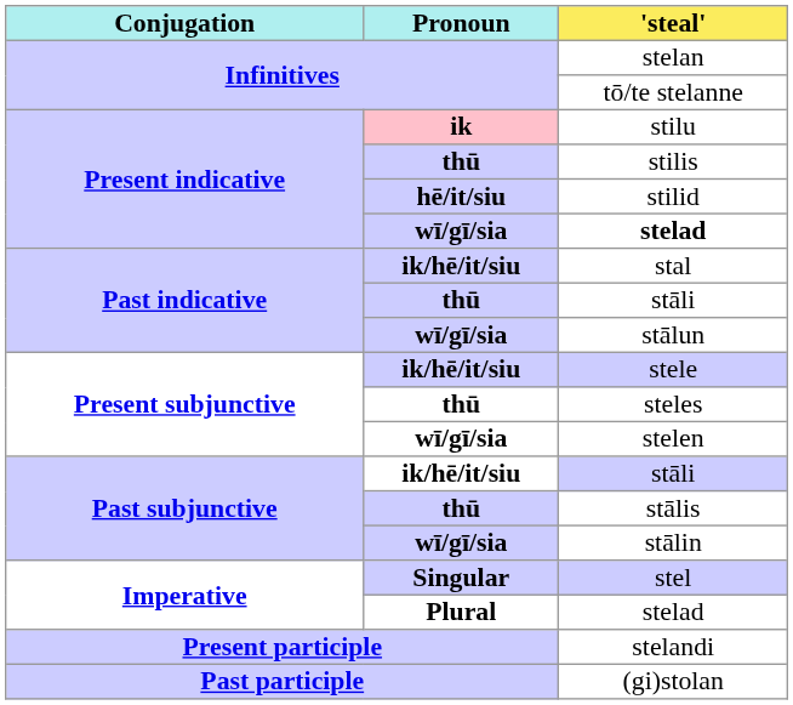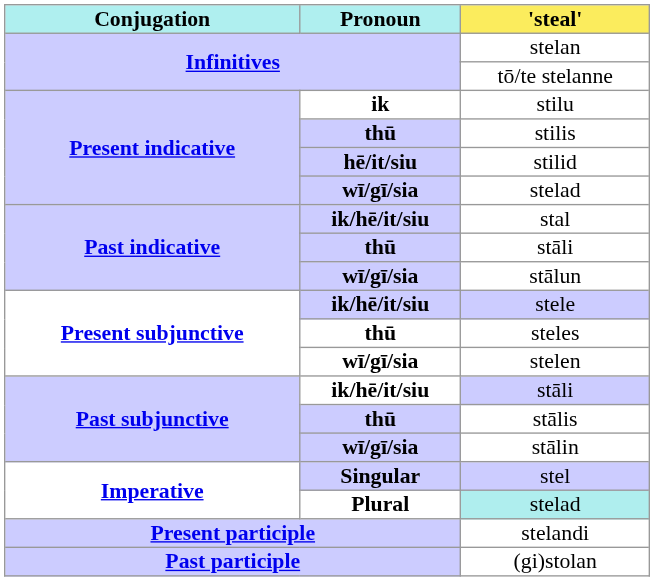 <table width=30% border=1 style="text-align:center; margin:1em 1em 1em 0; border:1px #999 solid; border-collapse:collapse;">
 <tr>
 <th style="background:#afefef;"><strong>Conjugation</strong></th>
 <th style="background:#afefef;"><strong>Pronoun</strong></th>
 <th style="background:#FBEC5D;">'steal'</th>
 </tr>
 <tr>
 <td style="background:#CCCCFF;" rowspan="2" colspan="2"><strong><a href='#'>Infinitives</a></strong></td>
 <td>stelan</td>
 </tr>
 <tr>
 <td>tō/te stelanne</td>
 </tr>
 <tr>
 <td rowspan="4" style="background:#CCCCFF;"><strong><a href='#'>Present indicative</a></strong></td>
-<td style="background: pink;"><strong>ik</strong></td>
+<td><strong>ik</strong></td>
 <td>stilu</td>
 </tr>
 <tr>
 <td style="background:#CCCCFF;"><strong>thū</strong></td>
 <td>stilis</td>
 </tr>
 <tr>
 <td style="background:#CCCCFF;"><strong>hē/it/siu</strong></td>
 <td>stilid</td>
 </tr>
 <tr>
 <td style="background:#CCCCFF;"><strong>wī/gī/sia</strong></td>
-<td><strong>stelad</strong></td>
+<td>stelad</td>
 </tr>
 <tr>
 <td rowspan="3" style="background:#CCCCFF;"><strong><a href='#'>Past indicative</a></strong></td>
 <td style="background:#CCCCFF;"><strong>ik/hē/it/siu</strong></td>
 <td>stal</td>
 </tr>
 <tr>
 <td style="background:#CCCCFF;"><strong>thū</strong></td>
 <td>stāli</td>
 </tr>
 <tr>
 <td style="background:#CCCCFF;"><strong>wī/gī/sia</strong></td>
 <td>stālun</td>
 </tr>
 <tr>
 <td rowspan="3"><strong><a href='#'>Present subjunctive</a></strong></td>
 <td style="background:#CCCCFF;"><strong>ik/hē/it/siu</strong></td>
 <td style="background:#CCCCFF;">stele</td>
 </tr>
 <tr>
 <td><strong>thū</strong></td>
 <td>steles</td>
 </tr>
 <tr>
 <td><strong>wī/gī/sia</strong></td>
 <td>stelen</td>
 </tr>
 <tr>
 <td rowspan="3" style="background:#CCCCFF;"><strong><a href='#'>Past subjunctive</a></strong></td>
 <td><strong>ik/hē/it/siu</strong></td>
 <td style="background:#CCCCFF;">stāli</td>
 </tr>
 <tr>
 <td style="background:#CCCCFF;"><strong>thū</strong></td>
 <td>stālis</td>
 </tr>
 <tr>
 <td style="background:#CCCCFF;"><strong>wī/gī/sia</strong></td>
 <td>stālin</td>
 </tr>
 <tr>
 <td rowspan="2"><strong><a href='#'>Imperative</a></strong></td>
 <td style="background:#CCCCFF;"><strong>Singular</strong></td>
 <td style="background:#CCCCFF;">stel</td>
 </tr>
 <tr>
 <td><strong>Plural</strong></td>
-<td>stelad</td>
+<td style="background: paleturquoise;">stelad</td>
 </tr>
 <tr>
 <td style="background:#CCCCFF;" colspan="2"><strong><a href='#'>Present participle</a></strong></td>
 <td>stelandi</td>
 </tr>
 <tr>
 <td style="background:#CCCCFF;" colspan="2"><strong><a href='#'>Past participle</a></strong></td>
 <td>(gi)stolan</td>
 </tr>
 </table>
